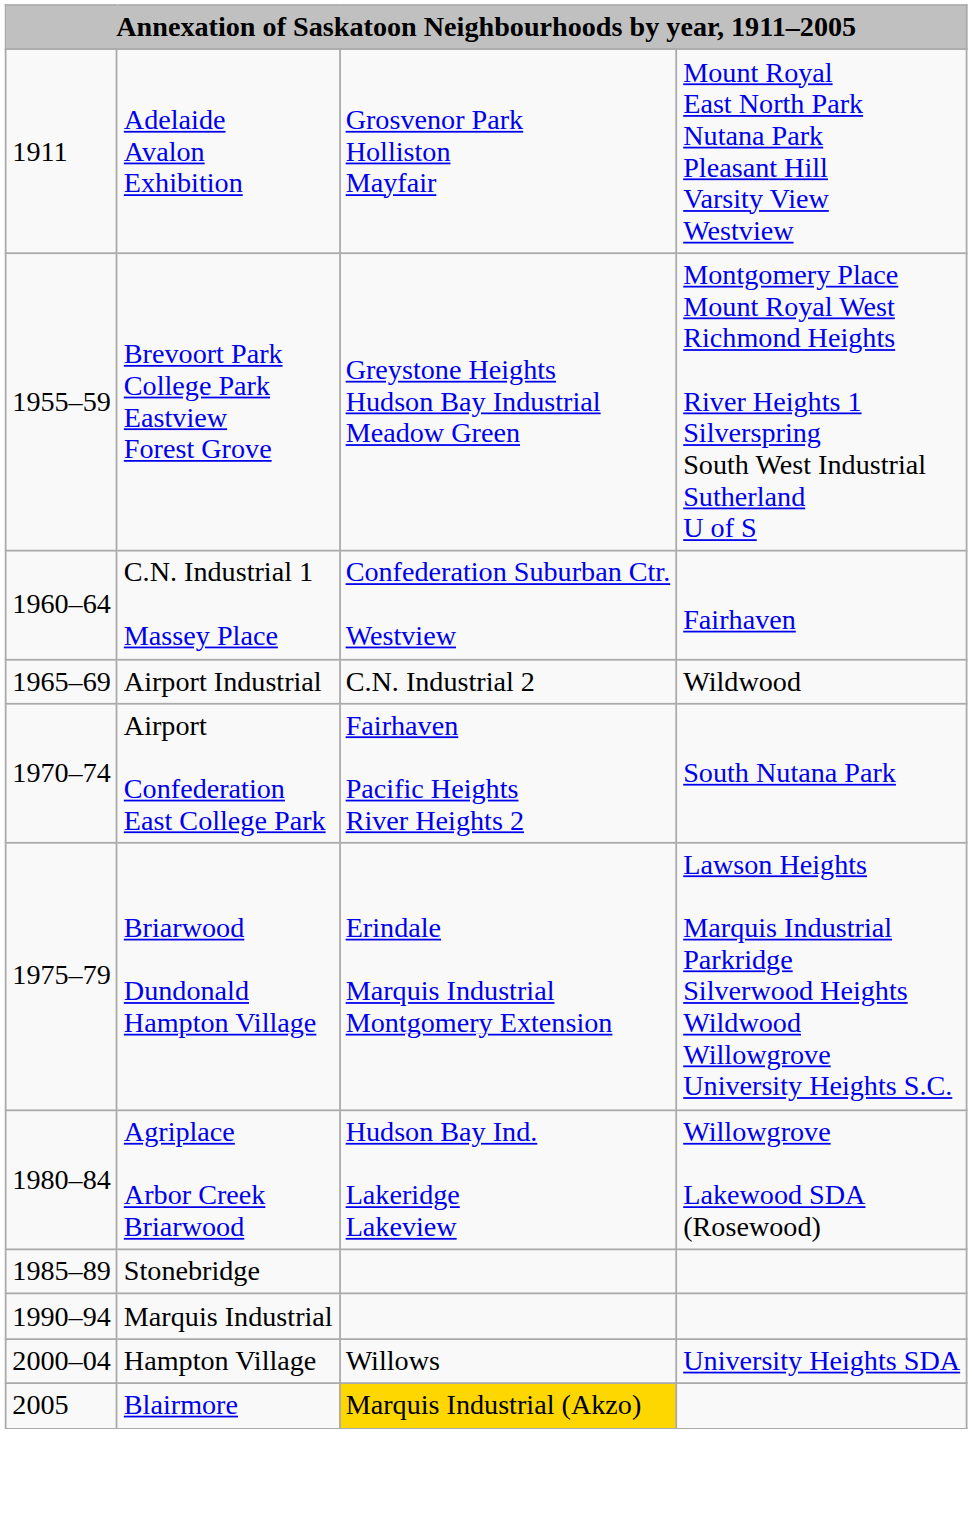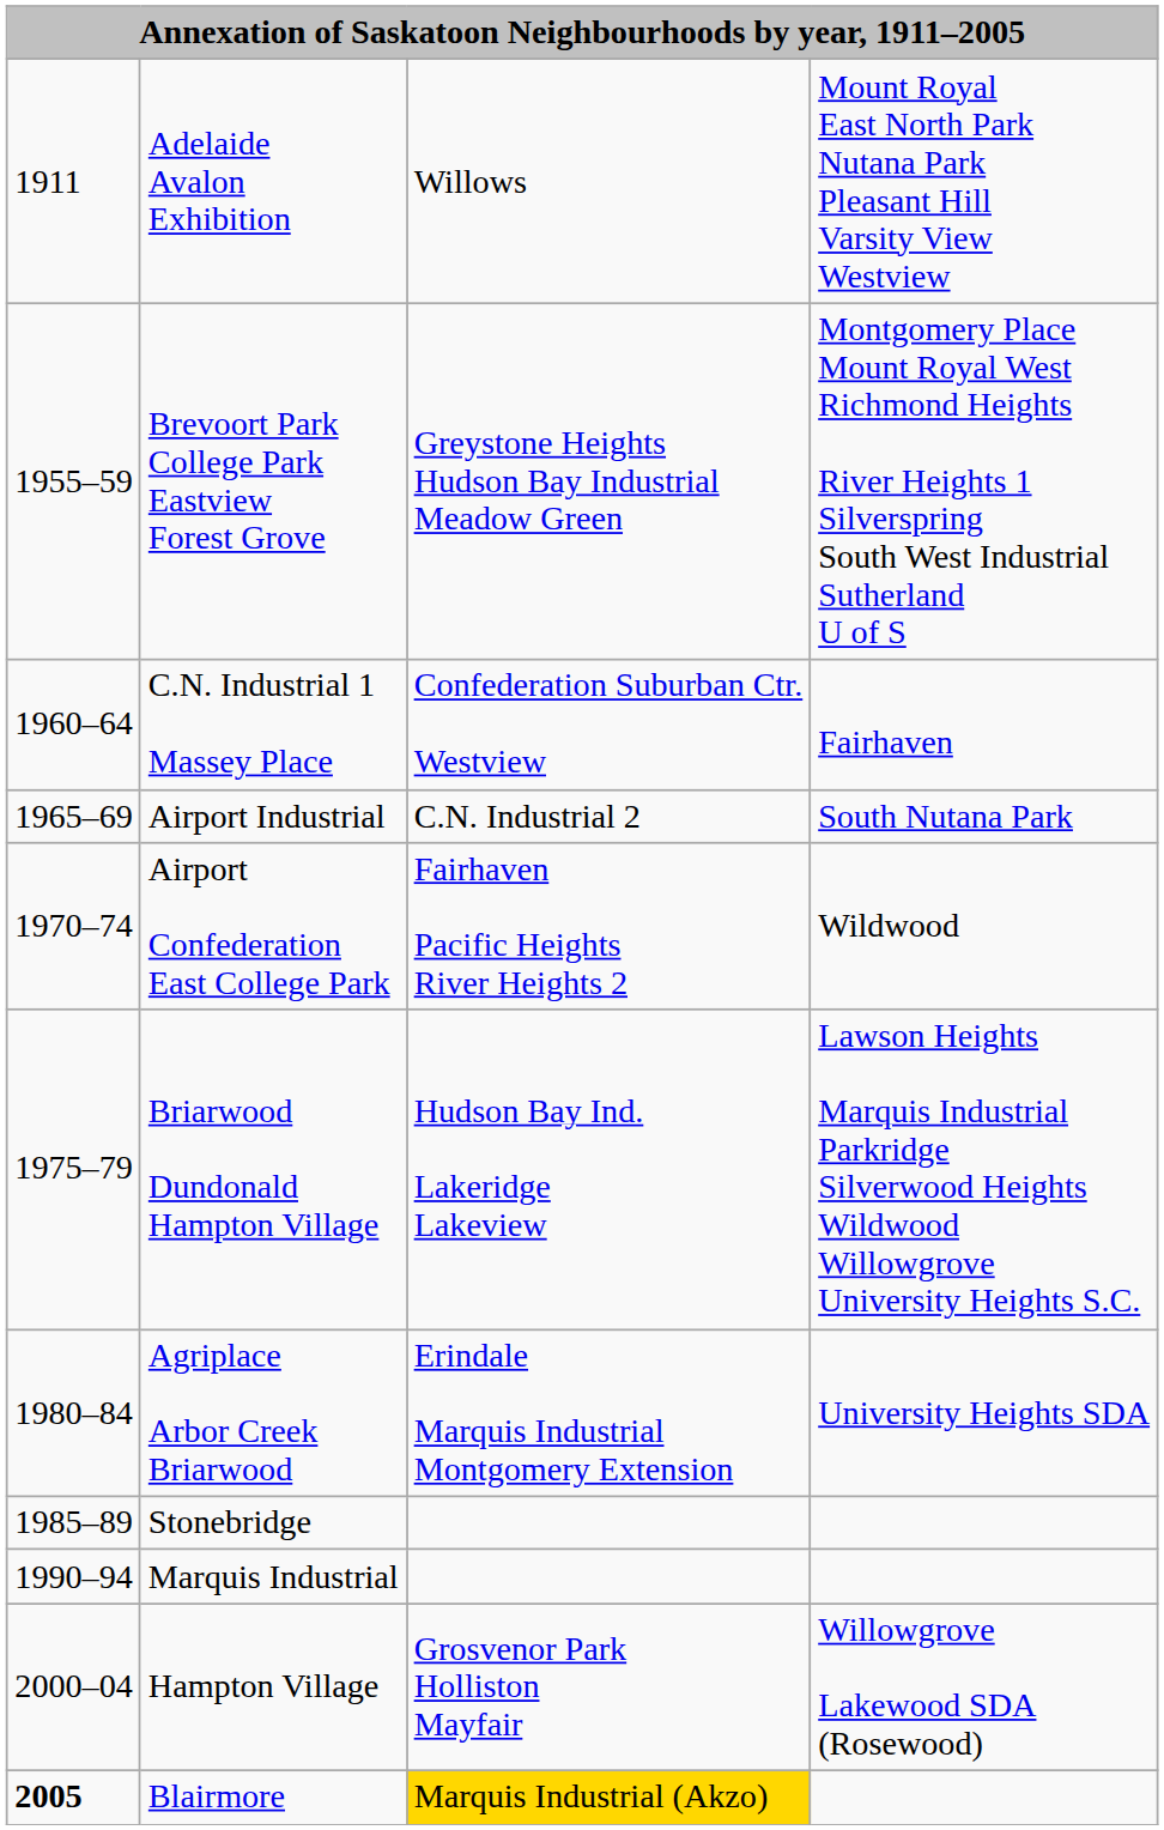 <table class=wikitable align="right">
 <tr>
 <th colspan=4 style="background:silver;">Annexation of Saskatoon Neighbourhoods by year, 1911–2005</th>
 </tr>
 <tr>
 <td>1911</td>
 <td><a href='#'>Adelaide</a><br> <a href='#'>Avalon</a><br> <a href='#'>Exhibition</a></td>
-<td><a href='#'>Grosvenor Park</a><br><a href='#'>Holliston</a><br> <a href='#'>Mayfair</a></td>
+<td>Willows</td>
 <td><a href='#'>Mount Royal</a><br> <a href='#'>East North Park</a><br> <a href='#'>Nutana Park</a><br><a href='#'>Pleasant Hill</a><br> <a href='#'>Varsity View</a><br> <a href='#'>Westview</a></td>
 </tr>
 <tr>
 <td>1955–59</td>
 <td><a href='#'>Brevoort Park</a><br> <a href='#'>College Park</a><br> <a href='#'>Eastview</a><br> <a href='#'>Forest Grove</a></td>
 <td><a href='#'>Greystone Heights</a><br> <a href='#'>Hudson Bay Industrial</a><br> <a href='#'>Meadow Green</a></td>
 <td><a href='#'>Montgomery Place</a><br> <a href='#'>Mount Royal West</a><br> <a href='#'>Richmond Heights</a><br><br><a href='#'>River Heights 1</a> <br><a href='#'>Silverspring</a><br> South West Industrial<br> <a href='#'>Sutherland</a> <br><a href='#'>U of S</a></td>
 </tr>
 <tr>
 <td>1960–64</td>
 <td>C.N. Industrial 1<br><br><a href='#'>Massey Place</a></td>
 <td><a href='#'>Confederation Suburban Ctr.</a> <br><br><a href='#'>Westview</a></td>
 <td><br><a href='#'>Fairhaven</a></td>
 </tr>
 <tr>
 <td>1965–69</td>
 <td>Airport Industrial</td>
 <td>C.N. Industrial 2</td>
-<td>Wildwood</td>
+<td><a href='#'>South Nutana Park</a></td>
 </tr>
 <tr>
 <td>1970–74</td>
 <td>Airport<br><br><a href='#'>Confederation</a><br> <a href='#'>East College Park</a></td>
 <td><a href='#'>Fairhaven</a><br><br><a href='#'>Pacific Heights</a><br> <a href='#'>River Heights 2</a></td>
-<td><a href='#'>South Nutana Park</a></td>
+<td>Wildwood</td>
 </tr>
 <tr>
 <td>1975–79</td>
 <td><a href='#'>Briarwood</a><br><br><a href='#'>Dundonald</a><br> <a href='#'>Hampton Village</a></td>
-<td><a href='#'>Erindale</a><br><br><a href='#'>Marquis Industrial</a><br> <a href='#'>Montgomery Extension</a></td>
+<td><a href='#'>Hudson Bay Ind.</a><br><br><a href='#'>Lakeridge</a><br> <a href='#'>Lakeview</a></td>
 <td><a href='#'>Lawson Heights</a><br><br><a href='#'>Marquis Industrial</a><br> <a href='#'>Parkridge</a><br> <a href='#'>Silverwood Heights</a><br> <a href='#'>Wildwood</a><br> <a href='#'>Willowgrove</a><br> <a href='#'>University Heights S.C.</a></td>
 </tr>
 <tr>
 <td>1980–84</td>
 <td><a href='#'>Agriplace</a><br><br><a href='#'>Arbor Creek</a><br> <a href='#'>Briarwood</a></td>
-<td><a href='#'>Hudson Bay Ind.</a><br><br><a href='#'>Lakeridge</a><br> <a href='#'>Lakeview</a></td>
-<td><a href='#'>Willowgrove</a><br><br><a href='#'>Lakewood SDA</a><br> (Rosewood)</td>
+<td><a href='#'>Erindale</a><br><br><a href='#'>Marquis Industrial</a><br> <a href='#'>Montgomery Extension</a></td>
+<td><a href='#'>University Heights SDA</a></td>
 </tr>
 <tr>
 <td>1985–89</td>
 <td>Stonebridge</td>
 <td></td>
 <td></td>
 </tr>
 <tr>
 <td>1990–94</td>
 <td>Marquis Industrial</td>
 <td></td>
 <td></td>
 </tr>
 <tr>
 <td>2000–04</td>
 <td>Hampton Village</td>
-<td>Willows</td>
-<td><a href='#'>University Heights SDA</a></td>
+<td><a href='#'>Grosvenor Park</a><br><a href='#'>Holliston</a><br> <a href='#'>Mayfair</a></td>
+<td><a href='#'>Willowgrove</a><br><br><a href='#'>Lakewood SDA</a><br> (Rosewood)</td>
 </tr>
 <tr>
-<td>2005</td>
+<td><strong>2005</strong></td>
 <td><a href='#'>Blairmore</a></td>
 <td style="background: gold;">Marquis Industrial (Akzo)</td>
 <td></td>
 </tr>
 </table>
